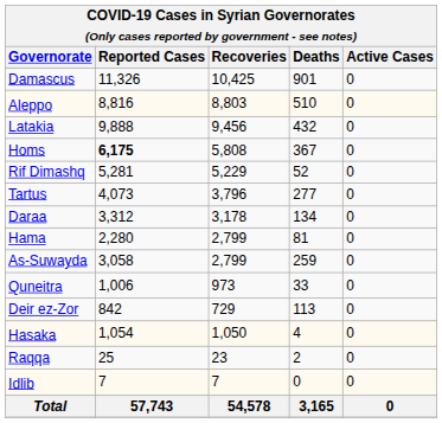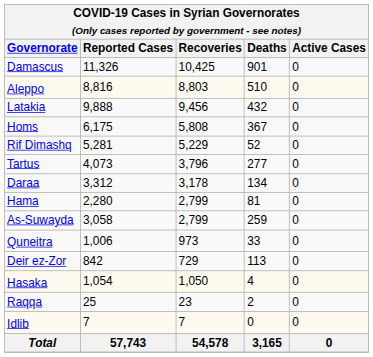 <table class="wikitable sortable collapsible">
 <tr>
 <th colspan="5" style="text-align:center">COVID-19 Cases in Syrian Governorates<br><em><sub>(Only cases reported by government - see notes)</sub></em></th>
 </tr>
 <tr>
 <th><a href='#'>Governorate</a></th>
 <th>Reported Cases</th>
 <th>Recoveries</th>
 <th>Deaths</th>
 <th>Active Cases</th>
 </tr>
 <tr>
 <td><a href='#'>Damascus</a></td>
 <td>11,326</td>
 <td>10,425</td>
 <td>901</td>
 <td>0</td>
 </tr>
 <tr>
 <td style="background-color:#FFFAF0;"><a href='#'>Aleppo</a><sup></sup></td>
 <td style="background-color:#FFFAF0;">8,816</td>
 <td style="background-color:#FFFAF0;">8,803</td>
 <td style="background-color:#FFFAF0;">510</td>
 <td style="background-color:#FFFAF0;">0</td>
 </tr>
 <tr>
 <td><a href='#'>Latakia</a></td>
 <td>9,888</td>
 <td>9,456</td>
 <td>432</td>
 <td>0</td>
 </tr>
 <tr>
 <td><a href='#'>Homs</a></td>
-<td><strong>6,175</strong></td>
+<td>6,175</td>
 <td>5,808</td>
 <td>367</td>
 <td>0</td>
 </tr>
 <tr>
 <td><a href='#'>Rif Dimashq</a></td>
 <td>5,281</td>
 <td>5,229</td>
 <td>52</td>
 <td>0</td>
 </tr>
 <tr>
 <td><a href='#'>Tartus</a></td>
 <td>4,073</td>
 <td>3,796</td>
 <td>277</td>
 <td>0</td>
 </tr>
 <tr>
 <td><a href='#'>Daraa</a></td>
 <td>3,312</td>
 <td>3,178</td>
 <td>134</td>
 <td>0</td>
 </tr>
 <tr>
 <td><a href='#'>Hama</a></td>
 <td>2,280</td>
 <td>2,799</td>
 <td>81</td>
 <td>0</td>
 </tr>
 <tr>
 <td><a href='#'>As-Suwayda</a></td>
 <td>3,058</td>
 <td>2,799</td>
 <td>259</td>
 <td>0</td>
 </tr>
 <tr>
 <td><a href='#'>Quneitra</a><sup></sup></td>
 <td>1,006</td>
 <td>973</td>
 <td>33</td>
 <td>0</td>
 </tr>
 <tr>
 <td><a href='#'>Deir ez-Zor</a></td>
 <td>842</td>
 <td>729</td>
 <td>113</td>
 <td>0</td>
 </tr>
 <tr>
 <td style="background-color:#FFFAF0;"><a href='#'>Hasaka</a><sup></sup></td>
 <td style="background-color:#FFFAF0;">1,054</td>
 <td style="background-color:#FFFAF0;">1,050</td>
 <td style="background-color:#FFFAF0;">4</td>
 <td style="background-color:#FFFAF0;">0</td>
 </tr>
 <tr>
 <td><a href='#'>Raqqa</a></td>
 <td>25</td>
 <td>23</td>
 <td>2</td>
 <td>0</td>
 </tr>
 <tr>
 <td style="background-color:#FFFAF0;"><a href='#'>Idlib</a><sup></sup></td>
 <td style="background-color:#FFFAF0;">7</td>
 <td style="background-color:#FFFAF0;">7</td>
 <td style="background-color:#FFFAF0;">0</td>
 <td style="background-color:#FFFAF0;">0</td>
 </tr>
 <tr>
 <th><strong><em>Total</em></strong></th>
 <th>57,743</th>
 <th>54,578</th>
 <th>3,165</th>
 <th>0</th>
 </tr>
 <tr>
 </tr>
 </table>
